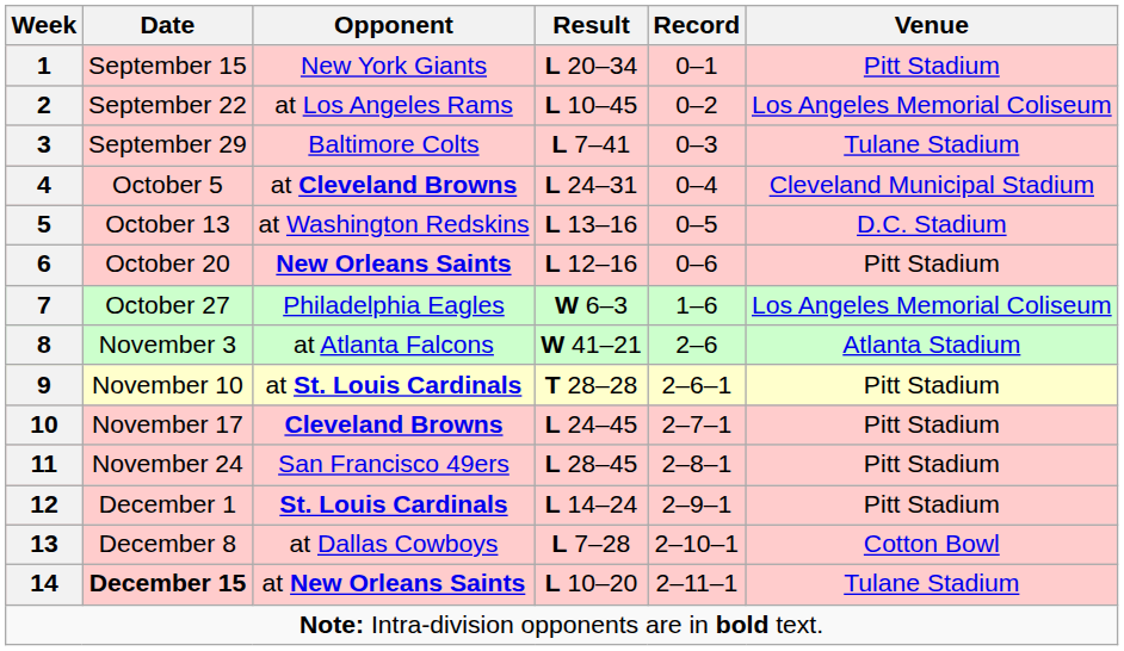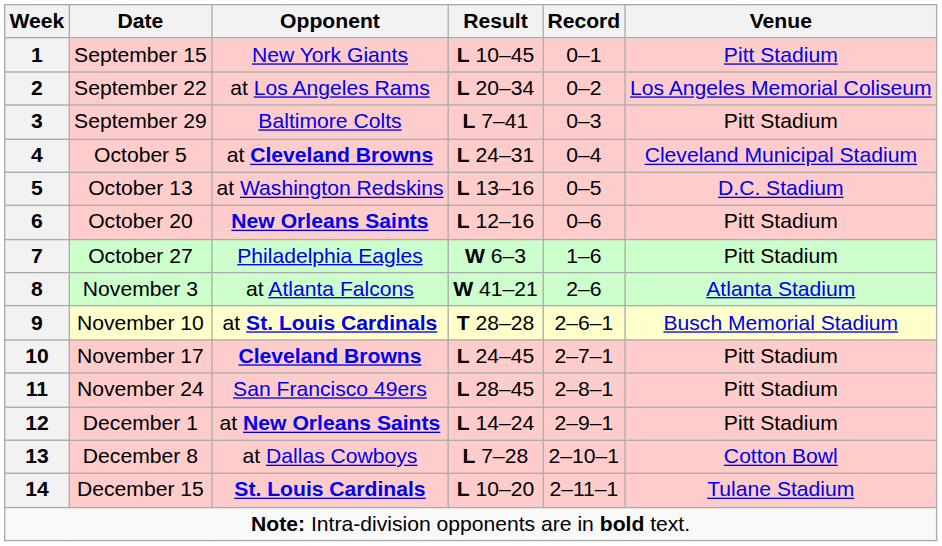 <table class="wikitable" style="text-align:center">
 <tr>
 <th>Week</th>
 <th>Date</th>
 <th>Opponent</th>
 <th>Result</th>
 <th>Record</th>
 <th>Venue</th>
 </tr>
 <tr style="background:#fcc">
 <th>1</th>
 <td>September 15</td>
 <td><a href='#'>New York Giants</a></td>
-<td><strong>L</strong> 20–34</td>
+<td><strong>L</strong> 10–45</td>
 <td>0–1</td>
 <td><a href='#'>Pitt Stadium</a></td>
 </tr>
 <tr style="background:#fcc">
 <th>2</th>
 <td>September 22</td>
 <td>at <a href='#'>Los Angeles Rams</a></td>
-<td><strong>L</strong> 10–45</td>
+<td><strong>L</strong> 20–34</td>
 <td>0–2</td>
 <td><a href='#'>Los Angeles Memorial Coliseum</a></td>
 </tr>
 <tr style="background:#fcc">
 <th>3</th>
 <td>September 29</td>
 <td><a href='#'>Baltimore Colts</a></td>
 <td><strong>L</strong> 7–41</td>
 <td>0–3</td>
-<td><a href='#'>Tulane Stadium</a></td>
+<td>Pitt Stadium</td>
 </tr>
 <tr style="background:#fcc">
 <th>4</th>
 <td>October 5</td>
 <td>at <strong><a href='#'>Cleveland Browns</a></strong></td>
 <td><strong>L</strong> 24–31</td>
 <td>0–4</td>
 <td><a href='#'>Cleveland Municipal Stadium</a></td>
 </tr>
 <tr style="background:#fcc">
 <th>5</th>
 <td>October 13</td>
 <td>at <a href='#'>Washington Redskins</a></td>
 <td><strong>L</strong> 13–16</td>
 <td>0–5</td>
 <td><a href='#'>D.C. Stadium</a></td>
 </tr>
 <tr style="background:#fcc">
 <th>6</th>
 <td>October 20</td>
 <td><strong><a href='#'>New Orleans Saints</a></strong></td>
 <td><strong>L</strong> 12–16</td>
 <td>0–6</td>
 <td>Pitt Stadium</td>
 </tr>
 <tr style="background:#cfc">
 <th>7</th>
 <td>October 27</td>
 <td><a href='#'>Philadelphia Eagles</a></td>
 <td><strong>W</strong> 6–3</td>
 <td>1–6</td>
-<td><a href='#'>Los Angeles Memorial Coliseum</a></td>
+<td>Pitt Stadium</td>
 </tr>
 <tr style="background:#cfc">
 <th>8</th>
 <td>November 3</td>
 <td>at <a href='#'>Atlanta Falcons</a></td>
 <td><strong>W</strong> 41–21</td>
 <td>2–6</td>
 <td><a href='#'>Atlanta Stadium</a></td>
 </tr>
 <tr style="background:#ffc">
 <th>9</th>
 <td>November 10</td>
 <td>at <strong><a href='#'>St. Louis Cardinals</a></strong></td>
 <td><strong>T</strong> 28–28</td>
 <td>2–6–1</td>
-<td>Pitt Stadium</td>
+<td><a href='#'>Busch Memorial Stadium</a></td>
 </tr>
 <tr style="background:#fcc">
 <th>10</th>
 <td>November 17</td>
 <td><strong><a href='#'>Cleveland Browns</a></strong></td>
 <td><strong>L</strong> 24–45</td>
 <td>2–7–1</td>
 <td>Pitt Stadium</td>
 </tr>
 <tr style="background:#fcc">
 <th>11</th>
 <td>November 24</td>
 <td><a href='#'>San Francisco 49ers</a></td>
 <td><strong>L</strong> 28–45</td>
 <td>2–8–1</td>
 <td>Pitt Stadium</td>
 </tr>
 <tr style="background:#fcc">
 <th>12</th>
 <td>December 1</td>
-<td><strong><a href='#'>St. Louis Cardinals</a></strong></td>
+<td>at <strong><a href='#'>New Orleans Saints</a></strong></td>
 <td><strong>L</strong> 14–24</td>
 <td>2–9–1</td>
 <td>Pitt Stadium</td>
 </tr>
 <tr style="background:#fcc">
 <th>13</th>
 <td>December 8</td>
 <td>at <a href='#'>Dallas Cowboys</a></td>
 <td><strong>L</strong> 7–28</td>
 <td>2–10–1</td>
 <td><a href='#'>Cotton Bowl</a></td>
 </tr>
 <tr style="background:#fcc">
 <th>14</th>
-<td><strong>December 15</strong></td>
-<td>at <strong><a href='#'>New Orleans Saints</a></strong></td>
+<td>December 15</td>
+<td><strong><a href='#'>St. Louis Cardinals</a></strong></td>
 <td><strong>L</strong> 10–20</td>
 <td>2–11–1</td>
 <td><a href='#'>Tulane Stadium</a></td>
 </tr>
 <tr>
 <td colspan="8"><strong>Note:</strong> Intra-division opponents are in <strong>bold</strong> text.</td>
 </tr>
 </table>
